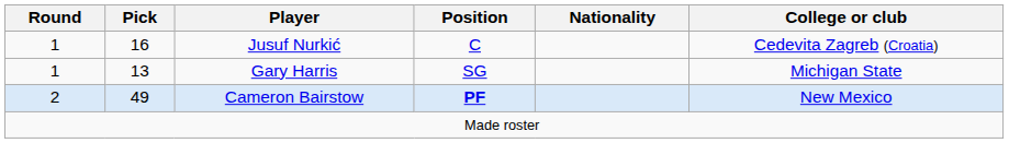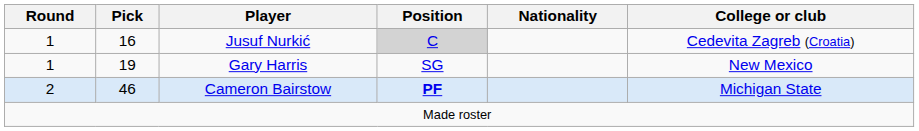 <table class="wikitable sortable sortable" style="width:75%;">
 <tr>
 <th>Round</th>
 <th>Pick</th>
 <th>Player</th>
 <th>Position</th>
 <th>Nationality</th>
 <th>College or club</th>
 </tr>
 <tr style="text-align: center">
 <td>1</td>
 <td>16</td>
 <td><a href='#'>Jusuf Nurkić</a></td>
-<td><a href='#'>C</a></td>
+<td style="background: lightgrey;"><a href='#'>C</a></td>
 <td></td>
 <td><a href='#'>Cedevita Zagreb</a> <small>(<a href='#'>Croatia</a>)</small></td>
 </tr>
 <tr style="text-align: center">
 <td>1</td>
-<td>13</td>
+<td>19</td>
 <td><a href='#'>Gary Harris</a></td>
 <td><a href='#'>SG</a></td>
 <td></td>
-<td><a href='#'>Michigan State</a></td>
+<td><a href='#'>New Mexico</a></td>
 </tr>
 <tr style="background-color: #d9e9f9; text-align: center">
 <td>2</td>
-<td>49</td>
+<td>46</td>
 <td><a href='#'>Cameron Bairstow</a></td>
 <td><strong><a href='#'>PF</a></strong></td>
 <td></td>
-<td><a href='#'>New Mexico</a></td>
+<td><a href='#'>Michigan State</a></td>
 </tr>
 <tr style="text-align: center;">
 <td colspan="6"><small> Made roster  </small></td>
 </tr>
 </table>
